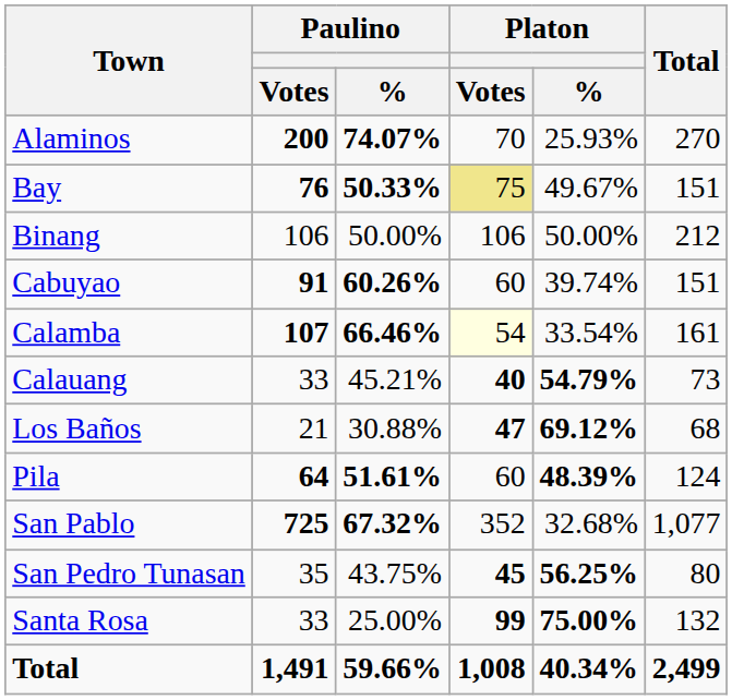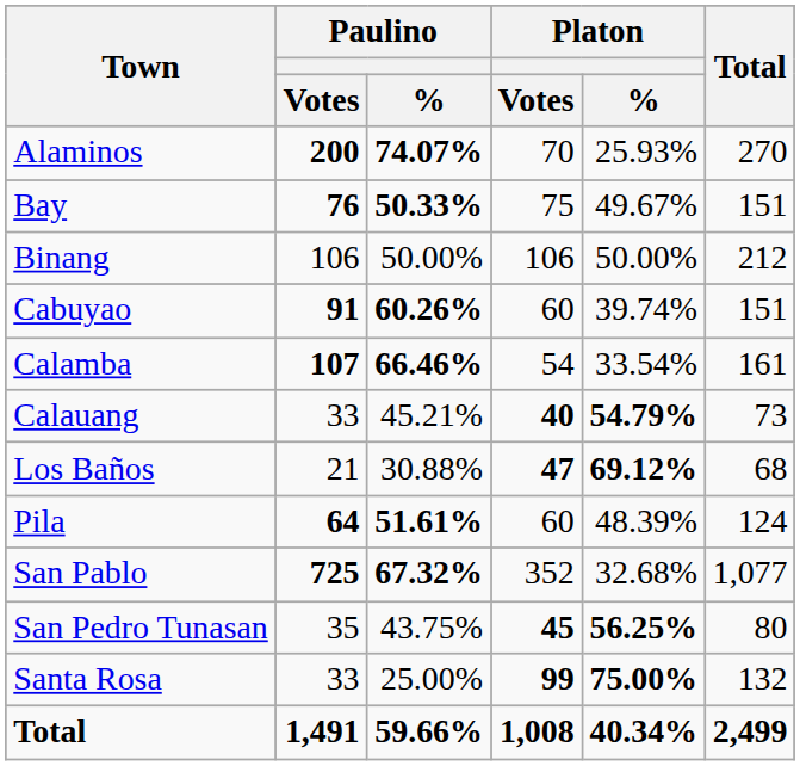 <table class="wikitable" style="text-align:right;">
 <tr>
 <th rowspan="3">Town</th>
 <th colspan="2">Paulino</th>
 <th colspan="2">Platon</th>
 <th rowspan="3">Total</th>
 </tr>
 <tr>
 <th colspan="2" style="background:"></th>
 <th colspan="2" style="background:"></th>
 </tr>
 <tr>
 <th>Votes</th>
 <th>%</th>
 <th>Votes</th>
 <th>%</th>
 </tr>
 <tr>
 <td align=left><a href='#'>Alaminos</a></td>
 <td style="background-color:#"><strong>200</strong></td>
 <td style="background-color:#"><strong>74.07%</strong></td>
 <td>70</td>
 <td>25.93%</td>
 <td>270</td>
 </tr>
 <tr>
 <td align=left><a href='#'>Bay</a></td>
 <td style="background-color:#"><strong>76</strong></td>
 <td style="background-color:#"><strong>50.33%</strong></td>
-<td style="background: khaki;">75</td>
+<td>75</td>
 <td>49.67%</td>
 <td>151</td>
 </tr>
 <tr>
 <td align=left><a href='#'>Binang</a></td>
 <td>106</td>
 <td>50.00%</td>
 <td>106</td>
 <td>50.00%</td>
 <td>212</td>
 </tr>
 <tr>
 <td align=left><a href='#'>Cabuyao</a></td>
 <td style="background-color:#"><strong>91</strong></td>
 <td style="background-color:#"><strong>60.26%</strong></td>
 <td>60</td>
 <td>39.74%</td>
 <td>151</td>
 </tr>
 <tr>
 <td align=left><a href='#'>Calamba</a></td>
 <td style="background-color:#"><strong>107</strong></td>
 <td style="background-color:#"><strong>66.46%</strong></td>
-<td style="background: lightyellow;">54</td>
+<td>54</td>
 <td>33.54%</td>
 <td>161</td>
 </tr>
 <tr>
 <td align=left><a href='#'>Calauang</a></td>
 <td>33</td>
 <td>45.21%</td>
 <td style="background-color:#"><strong>40</strong></td>
 <td style="background-color:#"><strong>54.79%</strong></td>
 <td>73</td>
 </tr>
 <tr>
 <td align=left><a href='#'>Los Baños</a></td>
 <td>21</td>
 <td>30.88%</td>
 <td style="background-color:#"><strong>47</strong></td>
 <td style="background-color:#"><strong>69.12%</strong></td>
 <td>68</td>
 </tr>
 <tr>
 <td align=left><a href='#'>Pila</a></td>
 <td style="background-color:#"><strong>64</strong></td>
 <td style="background-color:#"><strong>51.61%</strong></td>
 <td>60</td>
-<td><strong>48.39%</strong></td>
+<td>48.39%</td>
 <td>124</td>
 </tr>
 <tr>
 <td align=left><a href='#'>San Pablo</a></td>
 <td style="background-color:#"><strong>725</strong></td>
 <td style="background-color:#"><strong>67.32%</strong></td>
 <td>352</td>
 <td>32.68%</td>
 <td>1,077</td>
 </tr>
 <tr>
 <td align=left><a href='#'>San Pedro Tunasan</a></td>
 <td>35</td>
 <td>43.75%</td>
 <td style="background-color:#"><strong>45</strong></td>
 <td style="background-color:#"><strong>56.25%</strong></td>
 <td>80</td>
 </tr>
 <tr>
 <td align=left><a href='#'>Santa Rosa</a></td>
 <td>33</td>
 <td>25.00%</td>
 <td style="background-color:#"><strong>99</strong></td>
 <td style="background-color:#"><strong>75.00%</strong></td>
 <td>132</td>
 </tr>
 <tr>
 <td align=left><strong>Total</strong></td>
 <td style="background-color:#"><strong>1,491</strong></td>
 <td style="background-color:#"><strong>59.66%</strong></td>
 <td><strong>1,008</strong></td>
 <td><strong>40.34%</strong></td>
 <td><strong>2,499</strong></td>
 </tr>
 </table>
